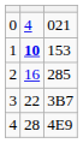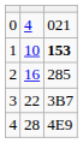 <table class="wikitable">
 <tr>
 <th></th>
 <th></th>
 <th></th>
 </tr>
 <tr -->
 <td>0</td>
 <td><a href='#'>4</a></td>
 <td>021</td>
 </tr>
 <tr -->
 <td>1</td>
-<td><strong><a href='#'>10</a></strong></td>
-<td>153</td>
+<td><a href='#'>10</a></td>
+<td><strong>153</strong></td>
 </tr>
 <tr -->
 <td>2</td>
 <td><a href='#'>16</a></td>
 <td>285</td>
 </tr>
 <tr -->
 <td>3</td>
 <td>22</td>
 <td>3B7</td>
 </tr>
 <tr -->
 <td>4</td>
 <td>28</td>
 <td>4E9</td>
 </tr>
 </table>
